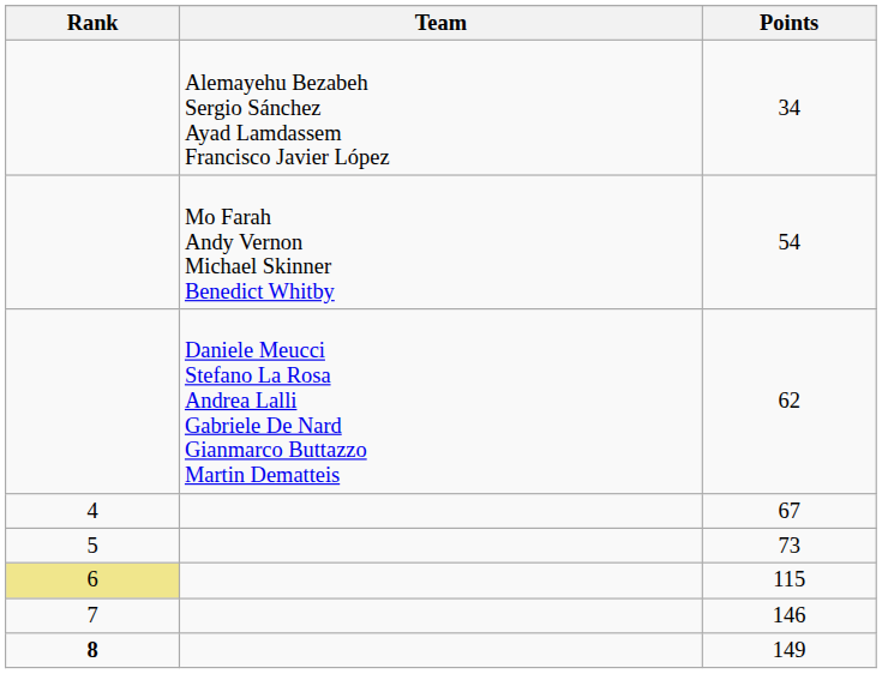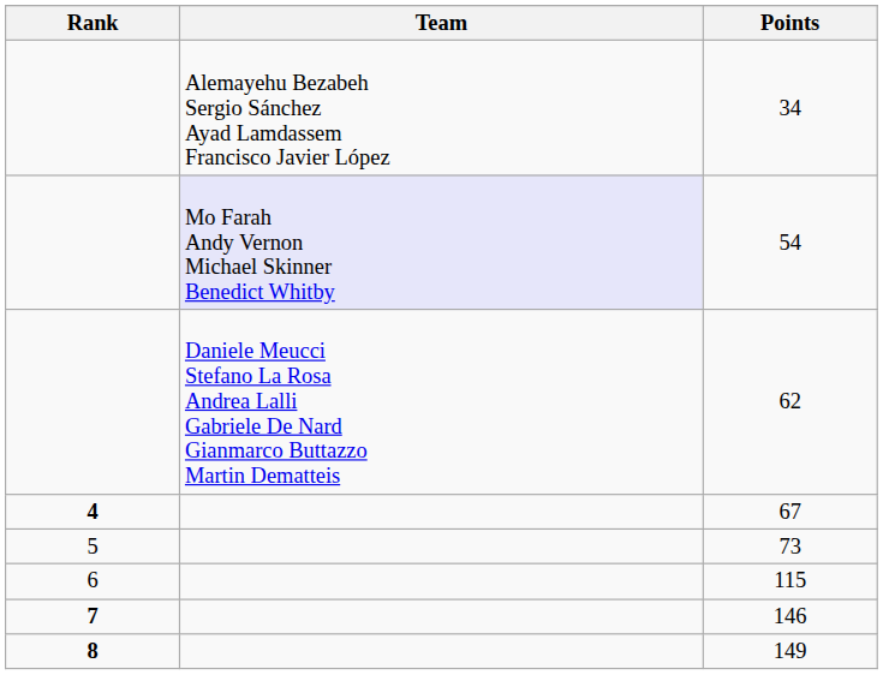 <table class="wikitable" width=50%>
 <tr>
 </tr>
 <tr>
 <th width=10%>Rank</th>
 <th width=30%>Team</th>
 <th width=10%>Points</th>
 </tr>
 <tr align="center">
 <td></td>
 <td align="left"><br>Alemayehu Bezabeh<br>Sergio Sánchez<br>Ayad Lamdassem<br>Francisco Javier López</td>
 <td>34</td>
 </tr>
 <tr align="center">
 <td></td>
-<td align="left"><br>Mo Farah<br>Andy Vernon<br>Michael Skinner<br><a href='#'>Benedict Whitby</a></td>
+<td align="left" style="background: lavender;"><br>Mo Farah<br>Andy Vernon<br>Michael Skinner<br><a href='#'>Benedict Whitby</a></td>
 <td>54</td>
 </tr>
 <tr align="center">
 <td></td>
 <td align="left"><br><a href='#'>Daniele Meucci</a><br><a href='#'>Stefano La Rosa</a><br><a href='#'>Andrea Lalli</a><br><a href='#'>Gabriele De Nard</a><br><a href='#'>Gianmarco Buttazzo</a><br><a href='#'>Martin Dematteis</a></td>
 <td>62</td>
 </tr>
 <tr align="center">
-<td>4</td>
+<td><strong>4</strong></td>
 <td align="left"></td>
 <td>67</td>
 </tr>
 <tr align="center">
 <td>5</td>
 <td align="left"></td>
 <td>73</td>
 </tr>
 <tr align="center">
-<td style="background: khaki;">6</td>
+<td>6</td>
 <td align="left"></td>
 <td>115</td>
 </tr>
 <tr align="center">
-<td>7</td>
+<td><strong>7</strong></td>
 <td align="left"></td>
 <td>146</td>
 </tr>
 <tr align="center">
 <td><strong>8</strong></td>
 <td align="left"></td>
 <td>149</td>
 </tr>
 </table>
